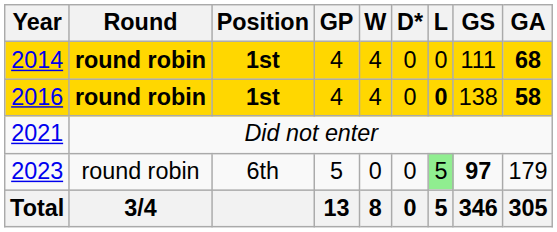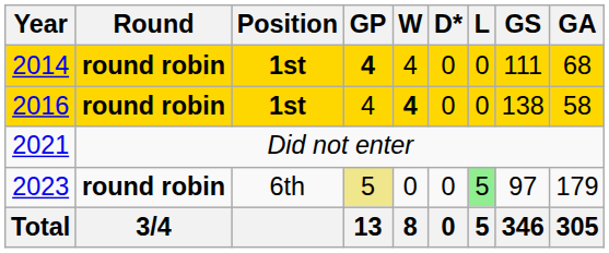 <table class="wikitable" style="text-align: center;">
 <tr>
 <th>Year</th>
 <th>Round</th>
 <th>Position</th>
 <th>GP</th>
 <th>W</th>
 <th>D*</th>
 <th>L</th>
 <th>GS</th>
 <th>GA</th>
 </tr>
 <tr style="background:gold;">
 <td> <a href='#'>2014</a></td>
 <td><strong>round robin</strong></td>
 <td><strong>1st</strong></td>
-<td>4</td>
+<td><strong>4</strong></td>
 <td>4</td>
 <td>0</td>
 <td>0</td>
 <td>111</td>
-<td><strong>68</strong></td>
+<td>68</td>
 </tr>
 <tr style="background:gold;">
 <td> <a href='#'>2016</a></td>
 <td><strong>round robin</strong></td>
 <td><strong>1st</strong></td>
 <td>4</td>
-<td>4</td>
+<td><strong>4</strong></td>
 <td>0</td>
-<td><strong>0</strong></td>
+<td>0</td>
 <td>138</td>
-<td><strong>58</strong></td>
+<td>58</td>
 </tr>
 <tr>
 <td> <a href='#'>2021</a></td>
 <td colspan="8"><em>Did not enter</em></td>
 </tr>
 <tr>
 <td> <a href='#'>2023</a></td>
-<td>round robin</td>
+<td><strong>round robin</strong></td>
 <td>6th</td>
-<td>5</td>
+<td style="background: khaki;">5</td>
 <td>0</td>
 <td>0</td>
 <td style="background: lightgreen;">5</td>
-<td><strong>97</strong></td>
+<td>97</td>
 <td>179</td>
 </tr>
 <tr>
 <th>Total</th>
 <th>3/4</th>
 <th></th>
 <th>13</th>
 <th>8</th>
 <th>0</th>
 <th>5</th>
 <th>346</th>
 <th>305</th>
 </tr>
 </table>
